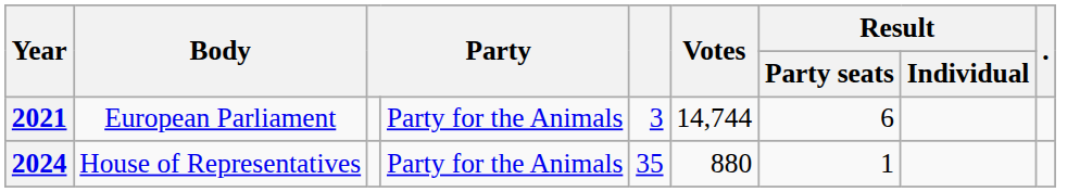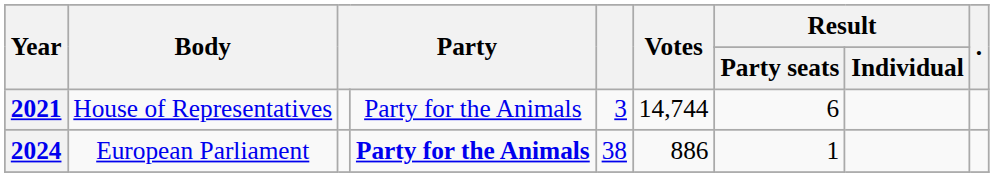 <table class="wikitable plainrowheaders sortable" border=2 cellpadding=4 cellspacing=0 style="border: 1px #aaa solid; font-size: 90%; text-align:center;">
 <tr>
 <th scope="col" rowspan=2>Year</th>
 <th scope="col" rowspan=2>Body</th>
 <th scope="col" colspan=2 rowspan=2>Party</th>
 <th scope="col" rowspan=2></th>
 <th scope="col" rowspan=2>Votes</th>
 <th scope="colgroup" colspan=2>Result</th>
 <th scope="col" rowspan=2>.</th>
 </tr>
 <tr>
 <th scope="col">Party seats</th>
 <th scope="col">Individual</th>
 </tr>
 <tr>
 <th scope="row"><a href='#'>2021</a></th>
-<td><a href='#'>European Parliament</a></td>
+<td><a href='#'>House of Representatives</a></td>
 <td style="background-color:"></td>
 <td><a href='#'>Party for the Animals</a></td>
 <td style=text-align:right><a href='#'>3</a></td>
 <td style=text-align:right>14,744</td>
 <td style=text-align:right>6</td>
 <td></td>
 <td></td>
 </tr>
 <tr>
 <th scope="row"><a href='#'>2024</a></th>
-<td><a href='#'>House of Representatives</a></td>
+<td><a href='#'>European Parliament</a></td>
 <td style="background-color:"></td>
-<td><a href='#'>Party for the Animals</a></td>
-<td style=text-align:right><a href='#'>35</a></td>
-<td style=text-align:right>880</td>
+<td><strong><a href='#'>Party for the Animals</a></strong></td>
+<td style=text-align:right><a href='#'>38</a></td>
+<td style=text-align:right>886</td>
 <td style=text-align:right>1</td>
 <td></td>
 <td></td>
 </tr>
 </table>
